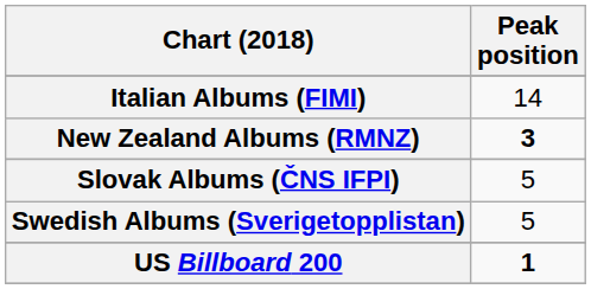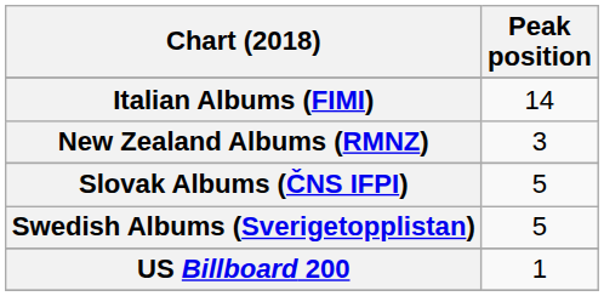 <table class="wikitable sortable plainrowheaders" style="text-align:center">
 <tr>
 <th scope="col">Chart (2018)</th>
 <th scope="col">Peak<br> position</th>
 </tr>
 <tr>
 </tr>
 <tr>
 </tr>
 <tr>
 </tr>
 <tr>
 </tr>
 <tr>
 </tr>
 <tr>
 </tr>
 <tr>
 </tr>
 <tr>
 </tr>
 <tr>
 </tr>
 <tr>
 </tr>
 <tr>
 </tr>
 <tr>
 <th scope="row">Italian Albums (<a href='#'>FIMI</a>)</th>
 <td>14</td>
 </tr>
 <tr>
 <th scope="row">New Zealand Albums (<a href='#'>RMNZ</a>)</th>
-<td><strong>3</strong></td>
+<td>3</td>
 </tr>
 <tr>
 </tr>
 <tr>
 </tr>
 <tr>
 <th scope="row">Slovak Albums (<a href='#'>ČNS IFPI</a>)</th>
 <td>5</td>
 </tr>
 <tr>
 <th scope="row">Swedish Albums (<a href='#'>Sverigetopplistan</a>)</th>
 <td>5</td>
 </tr>
 <tr>
 </tr>
 <tr>
 </tr>
 <tr>
 <th scope="row">US <a href='#'><em>Billboard</em> 200</a></th>
-<td><strong>1</strong></td>
+<td>1</td>
 </tr>
 <tr>
 </tr>
 </table>
